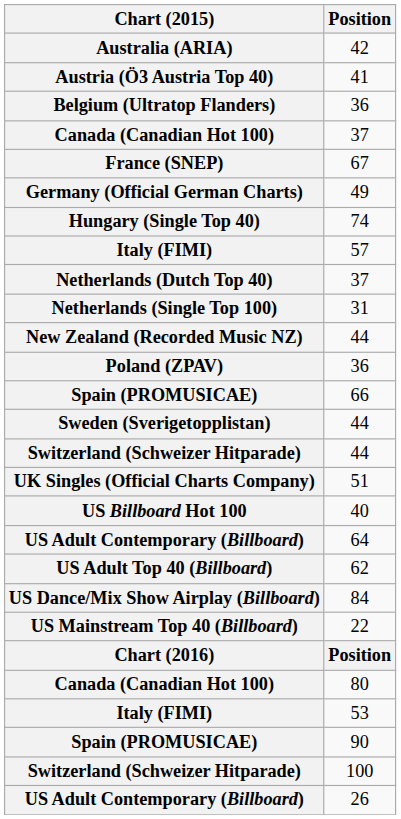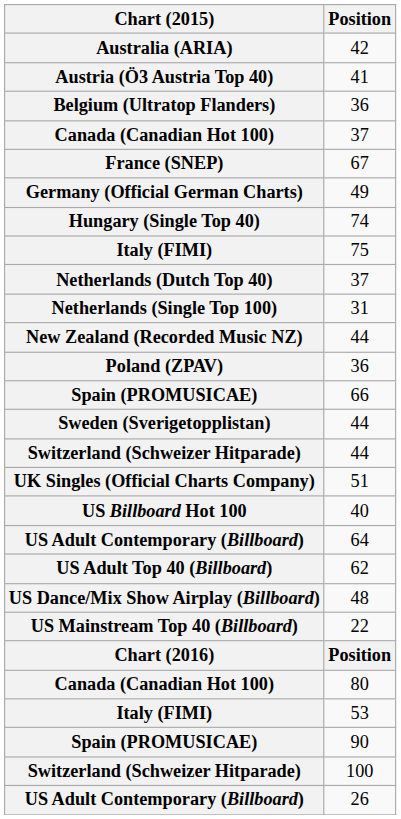 <table class="wikitable sortable plainrowheaders" style="text-align:center">
 <tr>
 <th scope="col">Chart (2015)</th>
 <th scope="col">Position</th>
 </tr>
 <tr>
 <th scope="row">Australia (ARIA)</th>
 <td>42</td>
 </tr>
 <tr>
 <th scope="row">Austria (Ö3 Austria Top 40)</th>
 <td>41</td>
 </tr>
 <tr>
 <th scope="row">Belgium (Ultratop Flanders)</th>
 <td>36</td>
 </tr>
 <tr>
 <th scope="row">Canada (Canadian Hot 100)</th>
 <td>37</td>
 </tr>
 <tr>
 <th scope="row">France (SNEP)</th>
 <td>67</td>
 </tr>
 <tr>
 <th scope="row">Germany (Official German Charts)</th>
 <td style="text-align:center;">49</td>
 </tr>
 <tr>
 <th scope="row">Hungary (Single Top 40)</th>
 <td>74</td>
 </tr>
 <tr>
 <th scope="row">Italy (FIMI)</th>
-<td>57</td>
+<td>75</td>
 </tr>
 <tr>
 <th scope="row">Netherlands (Dutch Top 40)</th>
 <td>37</td>
 </tr>
 <tr>
 <th scope="row">Netherlands (Single Top 100)</th>
 <td>31</td>
 </tr>
 <tr>
 <th scope="row">New Zealand (Recorded Music NZ)</th>
 <td>44</td>
 </tr>
 <tr>
 <th scope="row">Poland (ZPAV)</th>
 <td>36</td>
 </tr>
 <tr>
 <th scope="row">Spain (PROMUSICAE)</th>
 <td>66</td>
 </tr>
 <tr>
 <th scope="row">Sweden (Sverigetopplistan)</th>
 <td>44</td>
 </tr>
 <tr>
 <th scope="row">Switzerland (Schweizer Hitparade)</th>
 <td>44</td>
 </tr>
 <tr>
 <th scope="row">UK Singles (Official Charts Company)</th>
 <td>51</td>
 </tr>
 <tr>
 <th scope="row">US <em>Billboard</em> Hot 100</th>
 <td>40</td>
 </tr>
 <tr>
 <th scope="row">US Adult Contemporary (<em>Billboard</em>)</th>
 <td>64</td>
 </tr>
 <tr>
 <th scope="row">US Adult Top 40 (<em>Billboard</em>)</th>
 <td>62</td>
 </tr>
 <tr>
 <th scope="row">US Dance/Mix Show Airplay (<em>Billboard</em>)</th>
-<td>84</td>
+<td>48</td>
 </tr>
 <tr>
 <th scope="row">US Mainstream Top 40 (<em>Billboard</em>)</th>
 <td>22</td>
 </tr>
 <tr>
 <th scope="col">Chart (2016)</th>
 <th scope="col">Position</th>
 </tr>
 <tr>
 <th scope="row">Canada (Canadian Hot 100)</th>
 <td>80</td>
 </tr>
 <tr>
 <th scope="row">Italy (FIMI)</th>
 <td>53</td>
 </tr>
 <tr>
 <th scope="row">Spain (PROMUSICAE)</th>
 <td>90</td>
 </tr>
 <tr>
 <th scope="row">Switzerland (Schweizer Hitparade)</th>
 <td>100</td>
 </tr>
 <tr>
 <th scope="row">US Adult Contemporary (<em>Billboard</em>)</th>
 <td>26</td>
 </tr>
 <tr>
 </tr>
 </table>
